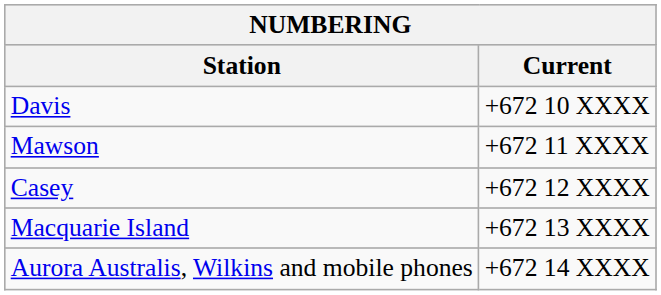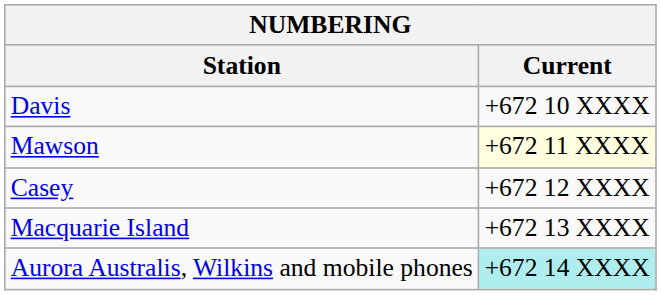 <table class="wikitable" border=1>
 <tr>
 <th colspan="4">NUMBERING</th>
 </tr>
 <tr>
 <th>Station</th>
 <th>Current</th>
 </tr>
 <tr>
 <td><a href='#'>Davis</a></td>
 <td>+672 10 XXXX</td>
 </tr>
 <tr>
 <td><a href='#'>Mawson</a></td>
-<td>+672 11 XXXX</td>
+<td style="background: lightyellow;">+672 11 XXXX</td>
 </tr>
 <tr>
 <td><a href='#'>Casey</a></td>
 <td>+672 12 XXXX</td>
 </tr>
 <tr>
 <td><a href='#'>Macquarie Island</a></td>
 <td>+672 13 XXXX</td>
 </tr>
 <tr>
 <td><a href='#'>Aurora Australis</a>, <a href='#'>Wilkins</a> and mobile phones</td>
-<td>+672 14 XXXX</td>
+<td style="background: paleturquoise;">+672 14 XXXX</td>
 </tr>
 </table>
